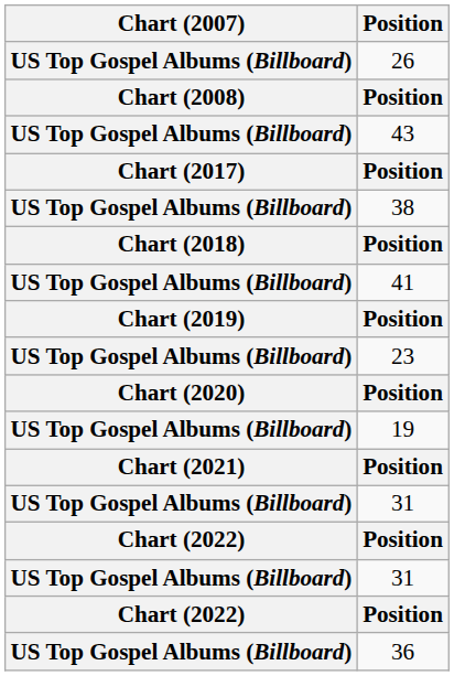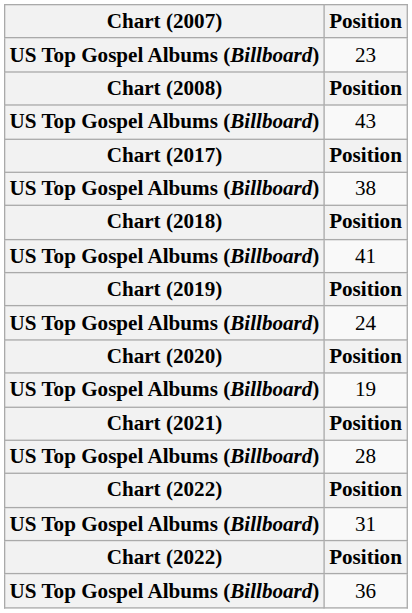 <table class="wikitable plainrowheaders" style="text-align:center">
 <tr>
 <th scope="col">Chart (2007)</th>
 <th scope="col">Position</th>
 </tr>
 <tr>
 <th scope="row">US Top Gospel Albums (<em>Billboard</em>)</th>
-<td align="center">26</td>
+<td align="center">23</td>
 </tr>
 <tr>
 <th scope="col">Chart (2008)</th>
 <th scope="col">Position</th>
 </tr>
 <tr>
 <th scope="row">US Top Gospel Albums (<em>Billboard</em>)</th>
 <td align="center">43</td>
 </tr>
 <tr>
 <th scope="col">Chart (2017)</th>
 <th scope="col">Position</th>
 </tr>
 <tr>
 <th scope="row">US Top Gospel Albums (<em>Billboard</em>)</th>
 <td align="center">38</td>
 </tr>
 <tr>
 <th scope="col">Chart (2018)</th>
 <th scope="col">Position</th>
 </tr>
 <tr>
 <th scope="row">US Top Gospel Albums (<em>Billboard</em>)</th>
 <td align="center">41</td>
 </tr>
 <tr>
 <th scope="col">Chart (2019)</th>
 <th scope="col">Position</th>
 </tr>
 <tr>
 <th scope="row">US Top Gospel Albums (<em>Billboard</em>)</th>
-<td align="center">23</td>
+<td align="center">24</td>
 </tr>
 <tr>
 <th scope="col">Chart (2020)</th>
 <th scope="col">Position</th>
 </tr>
 <tr>
 <th scope="row">US Top Gospel Albums (<em>Billboard</em>)</th>
 <td align="center">19</td>
 </tr>
 <tr>
 <th scope="col">Chart (2021)</th>
 <th scope="col">Position</th>
 </tr>
 <tr>
 <th scope="row">US Top Gospel Albums (<em>Billboard</em>)</th>
-<td align="center">31</td>
+<td align="center">28</td>
 </tr>
 <tr>
 <th scope="col">Chart (2022)</th>
 <th scope="col">Position</th>
 </tr>
 <tr>
 <th scope="row">US Top Gospel Albums (<em>Billboard</em>)</th>
 <td align="center">31</td>
 </tr>
 <tr>
 <th scope="col">Chart (2022)</th>
 <th scope="col">Position</th>
 </tr>
 <tr>
 <th scope="row">US Top Gospel Albums (<em>Billboard</em>)</th>
 <td align="center">36</td>
 </tr>
 </table>
